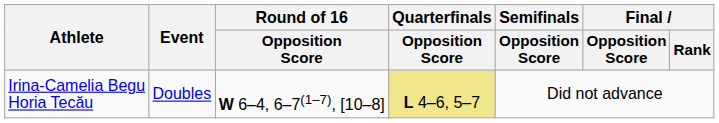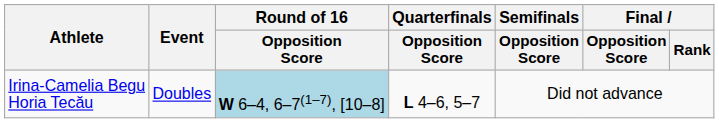 <table class=wikitable style="font-size:90%">
 <tr>
 <th rowspan="2">Athlete</th>
 <th rowspan="2">Event</th>
 <th>Round of 16</th>
 <th>Quarterfinals</th>
 <th>Semifinals</th>
 <th colspan=2>Final / </th>
 </tr>
 <tr style="font-size:95%">
 <th>Opposition<br>Score</th>
 <th>Opposition<br>Score</th>
 <th>Opposition<br>Score</th>
 <th>Opposition<br>Score</th>
 <th>Rank</th>
 </tr>
 <tr align=center>
 <td align=left><a href='#'>Irina-Camelia Begu</a><br><a href='#'>Horia Tecău</a></td>
 <td align=left><a href='#'>Doubles</a></td>
-<td><br> <strong>W</strong> 6–4, 6–7<sup>(1–7)</sup>, [10–8]</td>
-<td style="background: khaki;"><br> <strong>L</strong> 4–6, 5–7</td>
+<td style="background: lightblue;"><br> <strong>W</strong> 6–4, 6–7<sup>(1–7)</sup>, [10–8]</td>
+<td><br> <strong>L</strong> 4–6, 5–7</td>
 <td colspan = 3>Did not advance</td>
 </tr>
 </table>
